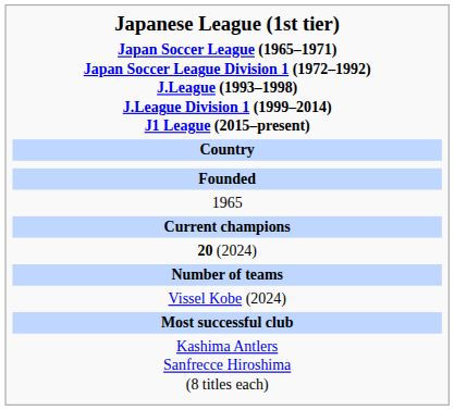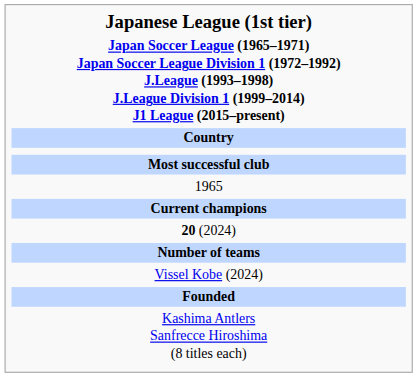 <table class="infobox football" style="width: 22em; text-align: center;">
 <tr>
 <th style="font-size: 16px;">Japanese League (1st tier)</th>
 </tr>
 <tr>
 <th style="font-size: 12px;"><a href='#'>Japan Soccer League</a> (1965–1971)<br><a href='#'>Japan Soccer League Division 1</a> (1972–1992)<br><a href='#'>J.League</a> (1993–1998)<br><a href='#'>J.League Division 1</a> (1999–2014)<br><a href='#'>J1 League</a> (2015–present)</th>
 </tr>
 <tr>
 <td style="font-size: 12px; background: #BFD7FF;"><strong>Country</strong></td>
 </tr>
 <tr>
 <td style="font-size: 12px;"></td>
 </tr>
 <tr>
-<td style="font-size: 12px; background: #BFD7FF;"><strong>Founded</strong></td>
+<td style="font-size: 12px; background: #BFD7FF;"><strong>Most successful club</strong></td>
 </tr>
 <tr>
 <td style="font-size: 12px;">1965</td>
 </tr>
 <tr>
 <td style="font-size: 12px; background: #BFD7FF;"><strong>Current champions</strong></td>
 </tr>
 <tr>
 <td style="font-size: 12px;"><strong>20</strong> (2024)</td>
 </tr>
 <tr>
 <td style="font-size: 12px; background: #BFD7FF;"><strong>Number of teams</strong></td>
 </tr>
 <tr>
 <td style="font-size: 12px;"><a href='#'>Vissel Kobe</a> (2024)</td>
 </tr>
 <tr>
-<td style="font-size: 12px; background: #BFD7FF;"><strong>Most successful club</strong></td>
+<td style="font-size: 12px; background: #BFD7FF;"><strong>Founded</strong></td>
 </tr>
 <tr>
 <td style="font-size: 12px;"><a href='#'>Kashima Antlers</a><br><a href='#'>Sanfrecce Hiroshima</a><br>(8 titles each)</td>
 </tr>
 <tr>
 </tr>
 </table>
